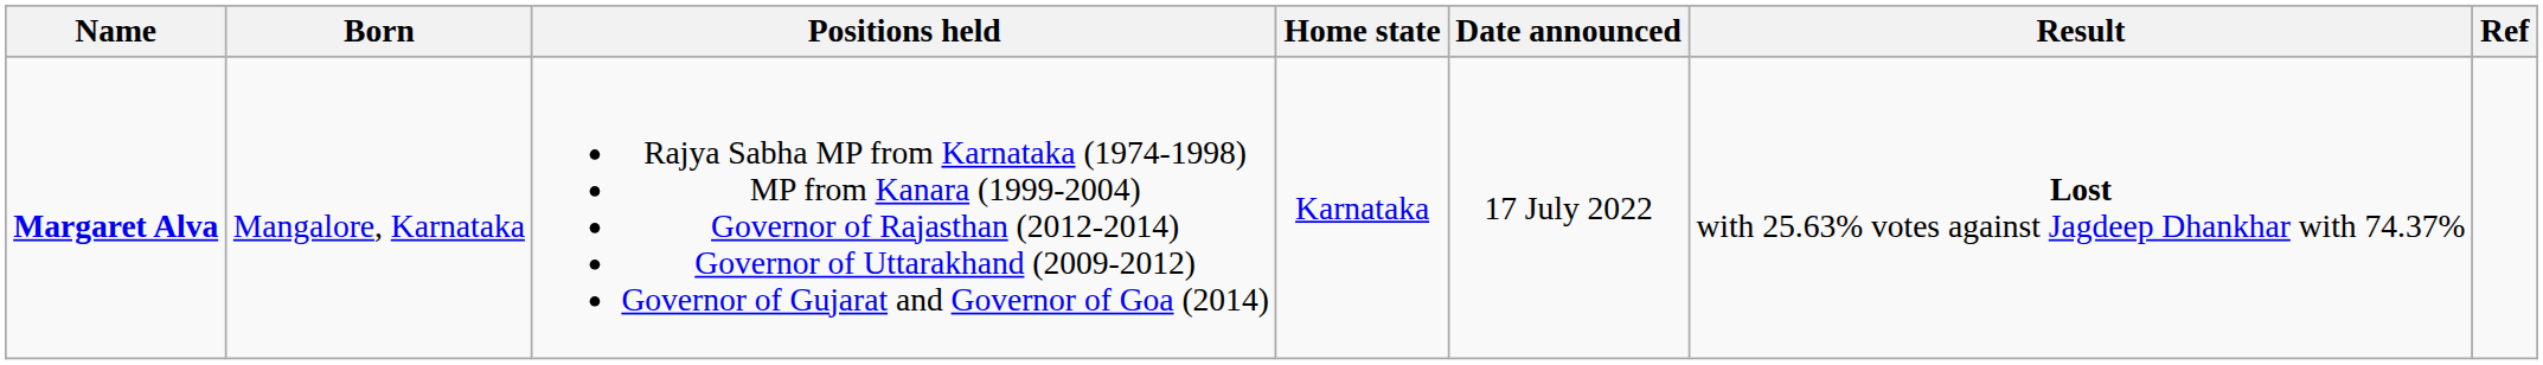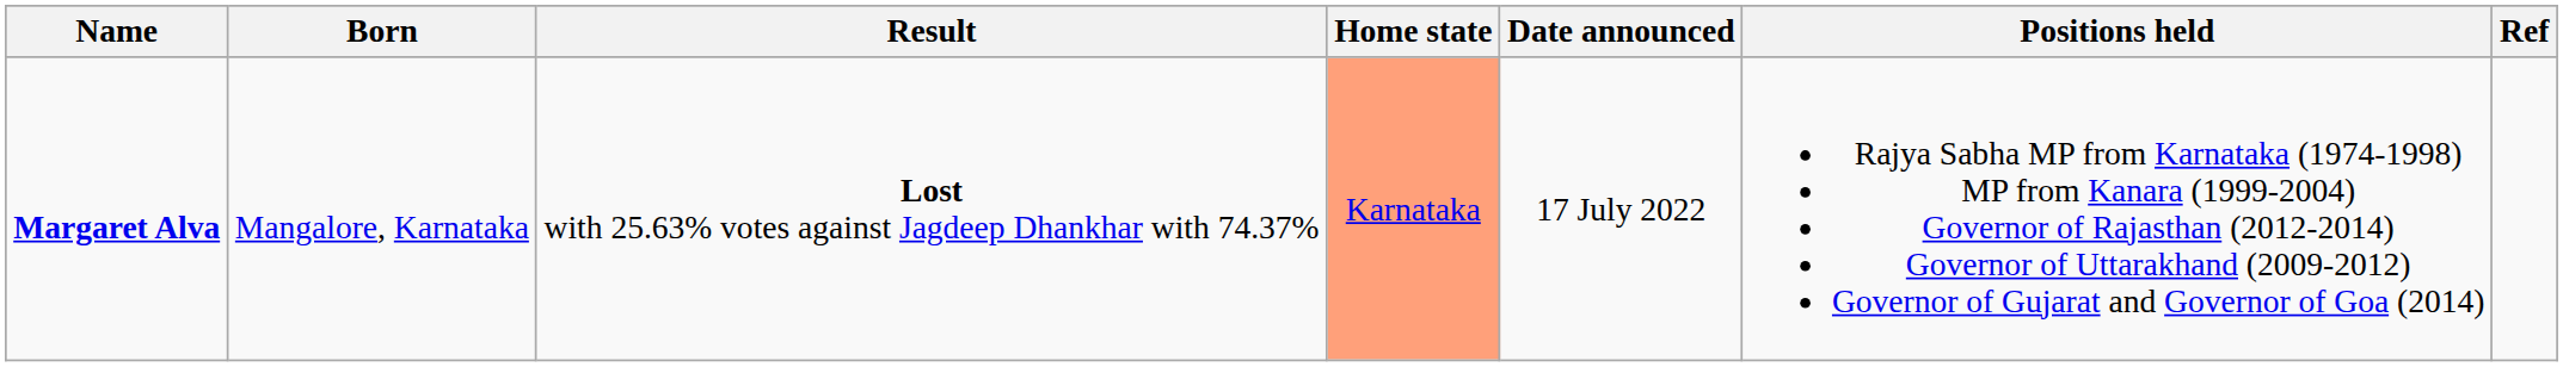 <table class="wikitable sortable" style="text-align:center">
 <tr>
 <th>Name</th>
 <th>Born</th>
-<th>Positions held</th>
+<th>Result</th>
 <th>Home state</th>
 <th>Date announced</th>
-<th>Result</th>
+<th>Positions held</th>
 <th class="unsortable">Ref</th>
 </tr>
 <tr>
 <td><br> <strong><a href='#'>Margaret Alva</a></strong></td>
 <td><br><a href='#'>Mangalore</a>, <a href='#'>Karnataka</a></td>
+<td><strong>Lost</strong><br>with 25.63% votes against <a href='#'>Jagdeep Dhankhar</a> with 74.37%</td>
+<td style="background: lightsalmon;"><a href='#'>Karnataka</a></td>
+<td>17 July 2022</td>
 <td><br><ul><li>Rajya Sabha MP from <a href='#'>Karnataka</a> (1974-1998)</li><li>MP from <a href='#'>Kanara</a> (1999-2004)</li><li><a href='#'>Governor of Rajasthan</a> (2012-2014)</li><li><a href='#'>Governor of Uttarakhand</a> (2009-2012)</li><li><a href='#'>Governor of Gujarat</a> and <a href='#'>Governor of Goa</a> (2014)</li></ul></td>
-<td><a href='#'>Karnataka</a></td>
-<td>17 July 2022</td>
-<td><strong>Lost</strong><br>with 25.63% votes against <a href='#'>Jagdeep Dhankhar</a> with 74.37%</td>
 <td></td>
 </tr>
 </table>
